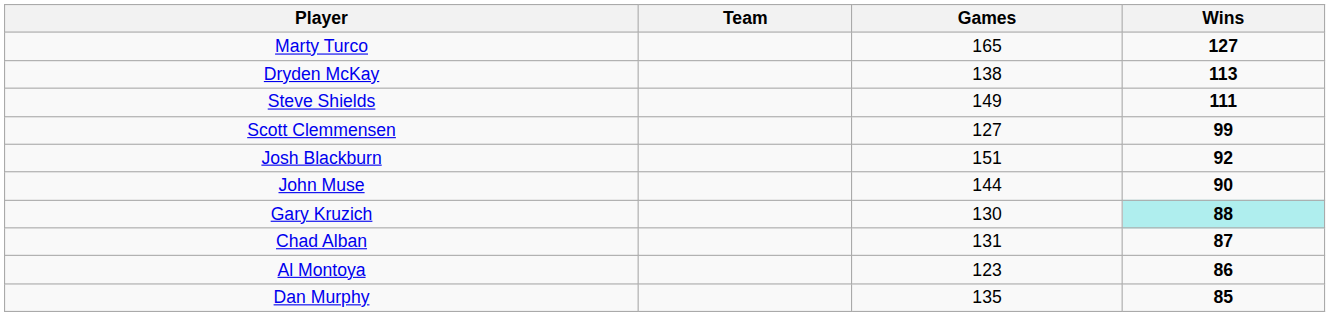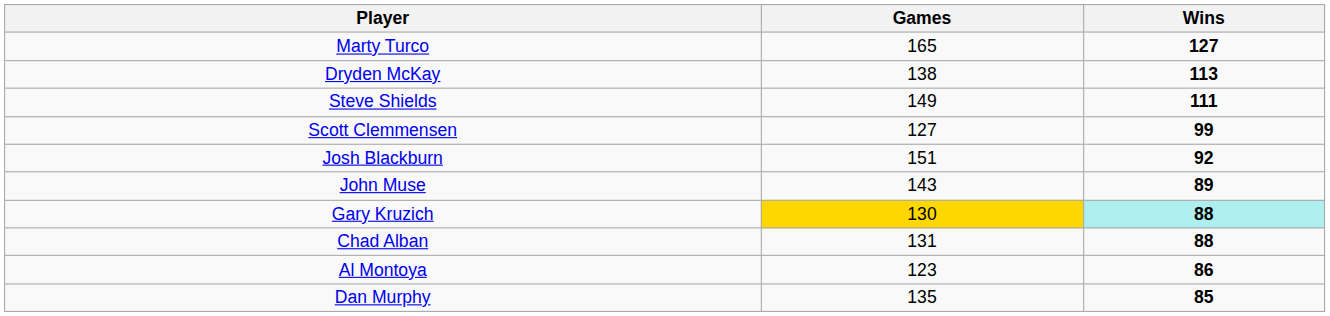 <table class="sortable wikitable" width =95%>
 <tr>
 <th>Player</th>
-<th>Team</th>
 <th>Games</th>
 <th>Wins</th>
 </tr>
 <tr align=center>
 <td><a href='#'>Marty Turco</a></td>
-<td><strong><a href='#'></a></strong></td>
 <td>165</td>
 <td><strong>127</strong></td>
 </tr>
 <tr align=center>
 <td><a href='#'>Dryden McKay</a></td>
-<td><strong><a href='#'></a></strong></td>
 <td>138</td>
 <td><strong>113</strong></td>
 </tr>
 <tr align=center>
 <td><a href='#'>Steve Shields</a></td>
-<td><strong><a href='#'></a></strong></td>
 <td>149</td>
 <td><strong>111</strong></td>
 </tr>
 <tr align=center>
 <td><a href='#'>Scott Clemmensen</a></td>
-<td><strong><a href='#'></a></strong></td>
 <td>127</td>
 <td><strong>99</strong></td>
 </tr>
 <tr align=center>
 <td><a href='#'>Josh Blackburn</a></td>
-<td><strong><a href='#'></a></strong></td>
 <td>151</td>
 <td><strong>92</strong></td>
 </tr>
 <tr align=center>
 <td><a href='#'>John Muse</a></td>
-<td><strong><a href='#'></a></strong></td>
-<td>144</td>
-<td><strong>90</strong></td>
+<td>143</td>
+<td><strong>89</strong></td>
 </tr>
 <tr align=center>
 <td><a href='#'>Gary Kruzich</a></td>
-<td><strong><a href='#'></a></strong></td>
-<td>130</td>
+<td style="background: gold;">130</td>
 <td style="background: paleturquoise;"><strong>88</strong></td>
 </tr>
 <tr align=center>
 <td><a href='#'>Chad Alban</a></td>
-<td><strong><a href='#'></a></strong></td>
 <td>131</td>
-<td><strong>87</strong></td>
+<td><strong>88</strong></td>
 </tr>
 <tr align=center>
 <td><a href='#'>Al Montoya</a></td>
-<td><strong><a href='#'></a></strong></td>
 <td>123</td>
 <td><strong>86</strong></td>
 </tr>
 <tr align=center>
 <td><a href='#'>Dan Murphy</a></td>
-<td><strong><a href='#'></a></strong></td>
 <td>135</td>
 <td><strong>85</strong></td>
 </tr>
 </table>
